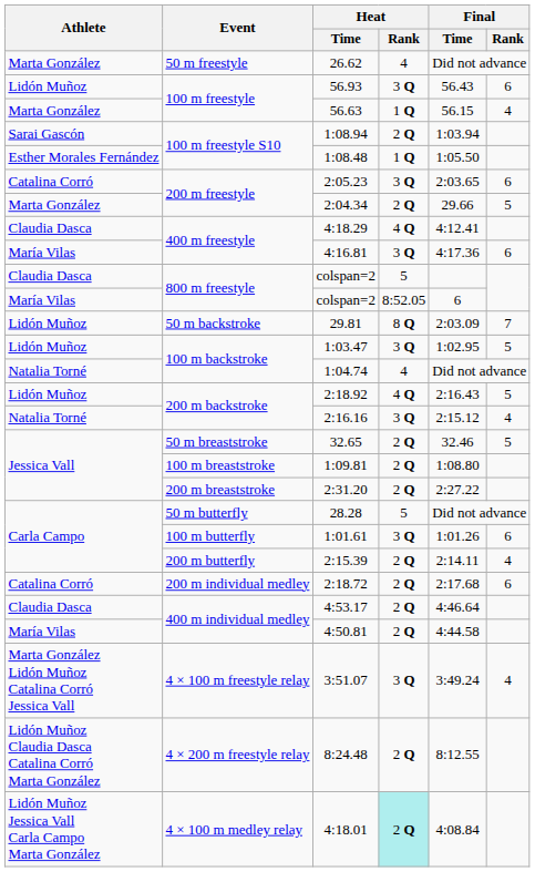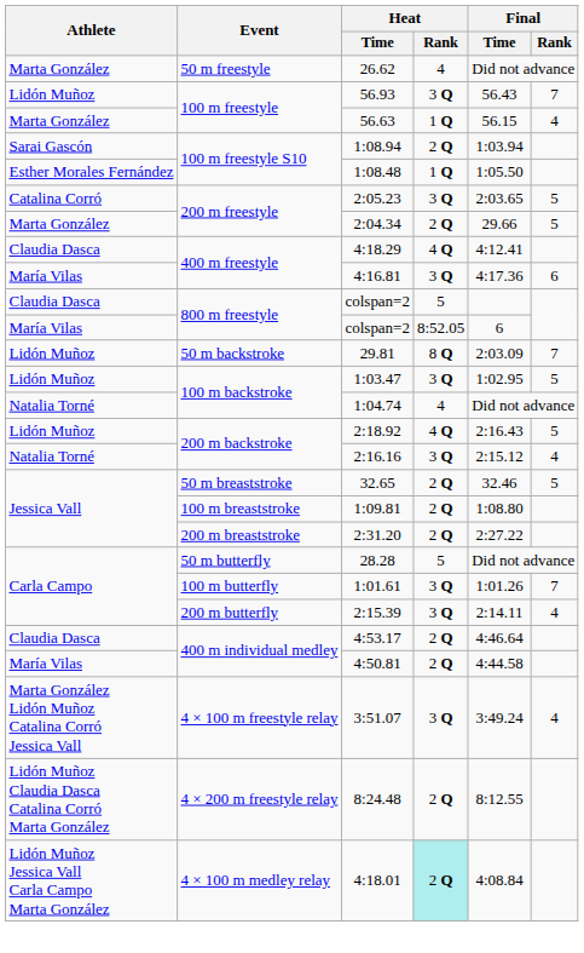 <table class=wikitable style="font-size:90%">
 <tr>
 <th rowspan="2">Athlete</th>
 <th rowspan="2">Event</th>
 <th colspan="2">Heat</th>
 <th colspan="2">Final</th>
 </tr>
 <tr style="font-size:95%">
 <th>Time</th>
 <th>Rank</th>
 <th>Time</th>
 <th>Rank</th>
 </tr>
 <tr align=center>
 <td align=left><a href='#'>Marta González</a></td>
 <td align=left><a href='#'>50 m freestyle</a></td>
 <td>26.62</td>
 <td>4</td>
 <td colspan=2>Did not advance</td>
 </tr>
 <tr align=center>
 <td align=left><a href='#'>Lidón Muñoz</a></td>
 <td align=left rowspan=2><a href='#'>100 m freestyle</a></td>
 <td>56.93</td>
 <td>3 <strong>Q</strong></td>
 <td>56.43</td>
-<td>6</td>
+<td>7</td>
 </tr>
 <tr align=center>
 <td align=left><a href='#'>Marta González</a></td>
 <td>56.63</td>
 <td>1 <strong>Q</strong></td>
 <td>56.15</td>
 <td>4</td>
 </tr>
 <tr align=center>
 <td align=left><a href='#'>Sarai Gascón</a></td>
 <td align=left rowspan=2><a href='#'>100 m freestyle S10</a></td>
 <td>1:08.94</td>
 <td>2 <strong>Q</strong></td>
 <td>1:03.94</td>
 <td></td>
 </tr>
 <tr align=center>
 <td align=left><a href='#'>Esther Morales Fernández</a></td>
 <td>1:08.48</td>
 <td>1 <strong>Q</strong></td>
 <td>1:05.50</td>
 <td></td>
 </tr>
 <tr align=center>
 <td align=left><a href='#'>Catalina Corró</a></td>
 <td align=left rowspan=2><a href='#'>200 m freestyle</a></td>
 <td>2:05.23</td>
 <td>3 <strong>Q</strong></td>
 <td>2:03.65</td>
-<td>6</td>
+<td>5</td>
 </tr>
 <tr align=center>
 <td align=left><a href='#'>Marta González</a></td>
 <td>2:04.34</td>
 <td>2 <strong>Q</strong></td>
 <td>29.66</td>
 <td>5</td>
 </tr>
 <tr align=center>
 <td align=left><a href='#'>Claudia Dasca</a></td>
 <td align=left rowspan=2><a href='#'>400 m freestyle</a></td>
 <td>4:18.29</td>
 <td>4 <strong>Q</strong></td>
 <td>4:12.41</td>
 <td></td>
 </tr>
 <tr align=center>
 <td align=left><a href='#'>María Vilas</a></td>
 <td>4:16.81</td>
 <td>3 <strong>Q</strong></td>
 <td>4:17.36</td>
 <td>6</td>
 </tr>
 <tr align=center>
 <td align=left><a href='#'>Claudia Dasca</a></td>
 <td align=left rowspan=2><a href='#'>800 m freestyle</a></td>
 <td>colspan=2 </td>
 <td>5</td>
 <td></td>
 </tr>
 <tr align=center>
 <td align=left><a href='#'>María Vilas</a></td>
 <td>colspan=2 </td>
 <td>8:52.05</td>
 <td>6</td>
 </tr>
 <tr align=center>
 <td align=left><a href='#'>Lidón Muñoz</a></td>
 <td align=left><a href='#'>50 m backstroke</a></td>
 <td>29.81</td>
 <td>8 <strong>Q</strong></td>
 <td>2:03.09</td>
 <td>7</td>
 </tr>
 <tr align=center>
 <td align=left><a href='#'>Lidón Muñoz</a></td>
 <td align=left rowspan=2><a href='#'>100 m backstroke</a></td>
 <td>1:03.47</td>
 <td>3 <strong>Q</strong></td>
 <td>1:02.95</td>
 <td>5</td>
 </tr>
 <tr align=center>
 <td align=left><a href='#'>Natalia Torné</a></td>
 <td>1:04.74</td>
 <td>4</td>
 <td colspan=2>Did not advance</td>
 </tr>
 <tr align=center>
 <td align=left><a href='#'>Lidón Muñoz</a></td>
 <td align=left rowspan=2><a href='#'>200 m backstroke</a></td>
 <td>2:18.92</td>
 <td>4 <strong>Q</strong></td>
 <td>2:16.43</td>
 <td>5</td>
 </tr>
 <tr align=center>
 <td align=left><a href='#'>Natalia Torné</a></td>
 <td>2:16.16</td>
 <td>3 <strong>Q</strong></td>
 <td>2:15.12</td>
 <td>4</td>
 </tr>
 <tr align=center>
 <td align=left rowspan=3><a href='#'>Jessica Vall</a></td>
 <td align=left><a href='#'>50 m breaststroke</a></td>
 <td>32.65</td>
 <td>2 <strong>Q</strong></td>
 <td>32.46</td>
 <td>5</td>
 </tr>
 <tr align=center>
 <td align=left><a href='#'>100 m breaststroke</a></td>
 <td>1:09.81</td>
 <td>2 <strong>Q</strong></td>
 <td>1:08.80</td>
 <td></td>
 </tr>
 <tr align=center>
 <td align=left><a href='#'>200 m breaststroke</a></td>
 <td>2:31.20</td>
 <td>2 <strong>Q</strong></td>
 <td>2:27.22</td>
 <td></td>
 </tr>
 <tr align=center>
 <td align=left rowspan=3><a href='#'>Carla Campo</a></td>
 <td align=left><a href='#'>50 m butterfly</a></td>
 <td>28.28</td>
 <td>5</td>
 <td colspan=2>Did not advance</td>
 </tr>
 <tr align=center>
 <td align=left><a href='#'>100 m butterfly</a></td>
 <td>1:01.61</td>
 <td>3 <strong>Q</strong></td>
 <td>1:01.26</td>
-<td>6</td>
+<td>7</td>
 </tr>
 <tr align=center>
 <td align=left><a href='#'>200 m butterfly</a></td>
 <td>2:15.39</td>
-<td>2 <strong>Q</strong></td>
+<td>3 <strong>Q</strong></td>
 <td>2:14.11</td>
 <td>4</td>
-</tr>
-<tr align=center>
-<td align=left><a href='#'>Catalina Corró</a></td>
-<td align=left><a href='#'>200 m individual medley</a></td>
-<td>2:18.72</td>
-<td>2 <strong>Q</strong></td>
-<td>2:17.68</td>
-<td>6</td>
 </tr>
 <tr align=center>
 <td align=left><a href='#'>Claudia Dasca</a></td>
 <td align=left rowspan=2><a href='#'>400 m individual medley</a></td>
 <td>4:53.17</td>
 <td>2 <strong>Q</strong></td>
 <td>4:46.64</td>
 <td></td>
 </tr>
 <tr align=center>
 <td align=left><a href='#'>María Vilas</a></td>
 <td>4:50.81</td>
 <td>2 <strong>Q</strong></td>
 <td>4:44.58</td>
 <td></td>
 </tr>
 <tr align=center>
 <td align=left><a href='#'>Marta González</a><br><a href='#'>Lidón Muñoz</a><br><a href='#'>Catalina Corró</a><br><a href='#'>Jessica Vall</a></td>
 <td align=left><a href='#'>4 × 100 m freestyle relay</a></td>
 <td>3:51.07</td>
 <td>3 <strong>Q</strong></td>
 <td>3:49.24</td>
 <td>4</td>
 </tr>
 <tr align=center>
 <td align=left><a href='#'>Lidón Muñoz</a><br><a href='#'>Claudia Dasca</a><br><a href='#'>Catalina Corró</a><br><a href='#'>Marta González</a></td>
 <td align=left><a href='#'>4 × 200 m freestyle relay</a></td>
 <td>8:24.48</td>
 <td>2 <strong>Q</strong></td>
 <td>8:12.55</td>
 <td></td>
 </tr>
 <tr align=center>
 <td align=left><a href='#'>Lidón Muñoz</a><br><a href='#'>Jessica Vall</a><br><a href='#'>Carla Campo</a><br><a href='#'>Marta González</a></td>
 <td align=left><a href='#'>4 × 100 m medley relay</a></td>
 <td>4:18.01</td>
 <td style="background: paleturquoise;">2 <strong>Q</strong></td>
 <td>4:08.84</td>
 <td></td>
 </tr>
 </table>
